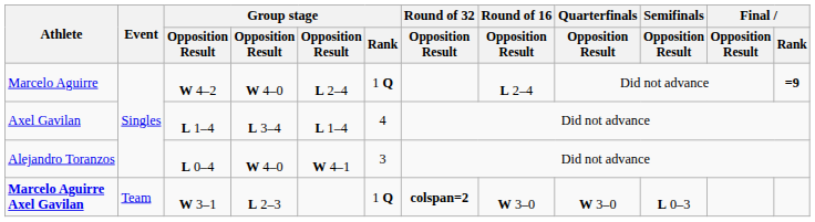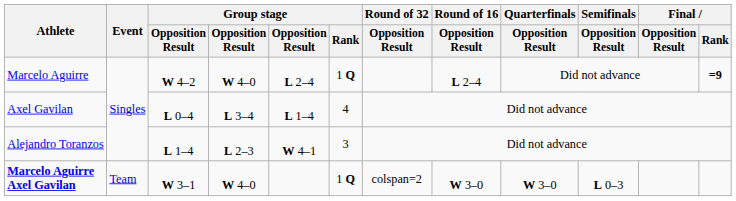 <table class="wikitable" style="font-size:90%">
 <tr>
 <th rowspan=2>Athlete</th>
 <th rowspan=2>Event</th>
 <th colspan=4>Group stage</th>
 <th>Round of 32</th>
 <th>Round of 16</th>
 <th>Quarterfinals</th>
 <th>Semifinals</th>
 <th colspan=2>Final / </th>
 </tr>
 <tr style="font-size:95%">
 <th>Opposition<br>Result</th>
 <th>Opposition<br>Result</th>
 <th>Opposition<br>Result</th>
 <th>Rank</th>
 <th>Opposition<br>Result</th>
 <th>Opposition<br>Result</th>
 <th>Opposition<br>Result</th>
 <th>Opposition<br>Result</th>
 <th>Opposition<br>Result</th>
 <th>Rank</th>
 </tr>
 <tr align=center>
 <td align=left><a href='#'>Marcelo Aguirre</a></td>
 <td align=left rowspan=3><a href='#'>Singles</a></td>
 <td><br><strong>W</strong> 4–2</td>
 <td><br><strong>W</strong> 4–0</td>
 <td><br><strong>L</strong> 2–4</td>
 <td>1 <strong>Q</strong></td>
 <td></td>
 <td><br><strong>L</strong> 2–4</td>
 <td colspan=3>Did not advance</td>
 <td><strong>=9</strong></td>
 </tr>
 <tr align=center>
 <td align=left><a href='#'>Axel Gavilan</a></td>
-<td><br><strong>L</strong> 1–4</td>
+<td><br><strong>L</strong> 0–4</td>
 <td><br><strong>L</strong> 3–4</td>
 <td><br><strong>L</strong> 1–4</td>
 <td>4</td>
 <td colspan=6>Did not advance</td>
 </tr>
 <tr align=center>
 <td align=left><a href='#'>Alejandro Toranzos</a></td>
-<td><br><strong>L</strong> 0–4</td>
-<td><br><strong>W</strong> 4–0</td>
+<td><br><strong>L</strong> 1–4</td>
+<td><br><strong>L</strong> 2–3</td>
 <td><br><strong>W</strong> 4–1</td>
 <td>3</td>
 <td colspan=6>Did not advance</td>
 </tr>
 <tr align=center>
 <td align=left><strong><a href='#'>Marcelo Aguirre</a><br><a href='#'>Axel Gavilan</a><br></strong></td>
 <td align=left><a href='#'>Team</a></td>
 <td><br><strong>W</strong> 3–1</td>
-<td><br><strong>L</strong> 2–3</td>
+<td><br><strong>W</strong> 4–0</td>
 <td></td>
 <td>1 <strong>Q</strong></td>
-<td><strong>colspan=2 </strong></td>
+<td>colspan=2 </td>
 <td><br><strong>W</strong> 3–0</td>
 <td><br><strong>W</strong> 3–0</td>
 <td><br><strong>L</strong> 0–3</td>
 <td></td>
 </tr>
 </table>
